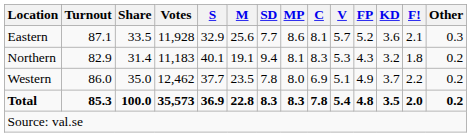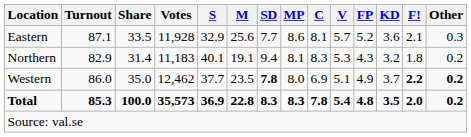 <table class="wikitable sortable" style=text-align:right>
 <tr>
 <th>Location</th>
 <th>Turnout</th>
 <th>Share</th>
 <th>Votes</th>
 <th><a href='#'>S</a></th>
 <th><a href='#'>M</a></th>
 <th><a href='#'>SD</a></th>
 <th><a href='#'>MP</a></th>
 <th><a href='#'>C</a></th>
 <th><a href='#'>V</a></th>
 <th><a href='#'>FP</a></th>
 <th><a href='#'>KD</a></th>
 <th><a href='#'>F!</a></th>
 <th>Other</th>
 </tr>
 <tr>
 <td align=left>Eastern</td>
 <td>87.1</td>
 <td>33.5</td>
 <td>11,928</td>
 <td>32.9</td>
 <td>25.6</td>
 <td>7.7</td>
 <td>8.6</td>
 <td>8.1</td>
 <td>5.7</td>
 <td>5.2</td>
 <td>3.6</td>
 <td>2.1</td>
 <td>0.3</td>
 </tr>
 <tr>
 <td align=left>Northern</td>
 <td>82.9</td>
 <td>31.4</td>
 <td>11,183</td>
 <td>40.1</td>
 <td>19.1</td>
 <td>9.4</td>
 <td>8.1</td>
 <td>8.3</td>
 <td>5.3</td>
 <td>4.3</td>
 <td>3.2</td>
 <td>1.8</td>
 <td>0.2</td>
 </tr>
 <tr>
 <td align=left>Western</td>
 <td>86.0</td>
 <td>35.0</td>
 <td>12,462</td>
 <td>37.7</td>
 <td>23.5</td>
-<td>7.8</td>
+<td><strong>7.8</strong></td>
 <td>8.0</td>
 <td>6.9</td>
 <td>5.1</td>
 <td>4.9</td>
 <td>3.7</td>
-<td>2.2</td>
-<td>0.2</td>
+<td><strong>2.2</strong></td>
+<td><strong>0.2</strong></td>
 </tr>
 <tr>
 <td align=left><strong>Total</strong></td>
 <td><strong>85.3</strong></td>
 <td><strong>100.0</strong></td>
 <td><strong>35,573</strong></td>
 <td><strong>36.9</strong></td>
 <td><strong>22.8</strong></td>
 <td><strong>8.3</strong></td>
 <td><strong>8.3</strong></td>
 <td><strong>7.8</strong></td>
 <td><strong>5.4</strong></td>
 <td><strong>4.8</strong></td>
 <td><strong>3.5</strong></td>
 <td><strong>2.0</strong></td>
 <td><strong>0.2</strong></td>
 </tr>
 <tr>
 <td align=left colspan=14>Source: val.se </td>
 </tr>
 </table>
